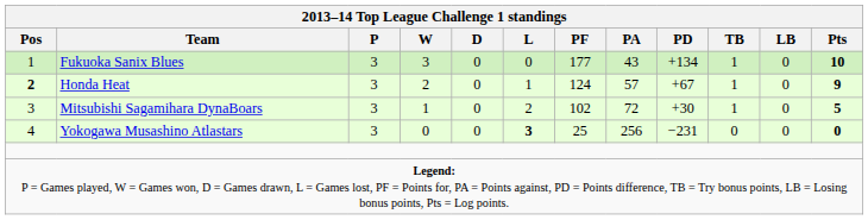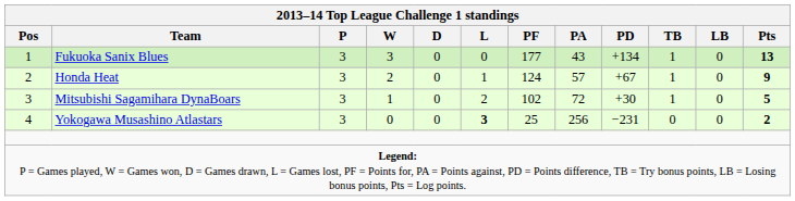 <table class="wikitable" style="text-align:center; font-size:100%; width:60%;">
 <tr>
 <th colspan="100%" cellpadding="0" cellspacing="0"><strong>2013–14 Top League Challenge 1 standings</strong></th>
 </tr>
 <tr>
 <th style="width:6%;">Pos</th>
 <th style="width:34%;">Team</th>
 <th style="width:6%;">P</th>
 <th style="width:6%;">W</th>
 <th style="width:6%;">D</th>
 <th style="width:6%;">L</th>
 <th style="width:6%;">PF</th>
 <th style="width:6%;">PA</th>
 <th style="width:6%;">PD</th>
 <th style="width:6%;">TB</th>
 <th style="width:6%;">LB</th>
 <th style="width:6%;">Pts<br></th>
 </tr>
 <tr style="background:#D0F0C0;">
 <td>1</td>
 <td style="text-align:left;"><a href='#'>Fukuoka Sanix Blues</a></td>
 <td>3</td>
 <td>3</td>
 <td>0</td>
 <td>0</td>
 <td>177</td>
 <td>43</td>
 <td>+134</td>
 <td>1</td>
 <td>0</td>
-<td><strong>10</strong></td>
+<td><strong>13</strong></td>
 </tr>
 <tr style="background:#E8FFD8;">
-<td><strong>2</strong></td>
+<td>2</td>
 <td style="text-align:left;"><a href='#'>Honda Heat</a></td>
 <td>3</td>
 <td>2</td>
 <td>0</td>
 <td>1</td>
 <td>124</td>
 <td>57</td>
 <td>+67</td>
 <td>1</td>
 <td>0</td>
 <td><strong>9</strong></td>
 </tr>
 <tr style="background:#E8FFD8;">
 <td>3</td>
 <td style="text-align:left;"><a href='#'>Mitsubishi Sagamihara DynaBoars</a></td>
 <td>3</td>
 <td>1</td>
 <td>0</td>
 <td>2</td>
 <td>102</td>
 <td>72</td>
 <td>+30</td>
 <td>1</td>
 <td>0</td>
 <td><strong>5</strong></td>
 </tr>
 <tr style="background:#E8FFD8;">
 <td>4</td>
 <td style="text-align:left;"><a href='#'>Yokogawa Musashino Atlastars</a></td>
 <td>3</td>
 <td>0</td>
 <td>0</td>
 <td><strong>3</strong></td>
 <td>25</td>
 <td>256</td>
 <td>−231</td>
 <td>0</td>
 <td>0</td>
-<td><strong>0</strong></td>
+<td><strong>2</strong></td>
 </tr>
 <tr>
 <td colspan="100%" style="height:10px;"></td>
 </tr>
 <tr>
 <td colspan="100%"><small><strong>Legend:</strong> <br> P = Games played, W = Games won, D = Games drawn, L = Games lost, PF = Points for, PA = Points against, PD = Points difference, TB = Try bonus points, LB = Losing bonus points, Pts = Log points.</small></td>
 </tr>
 </table>
